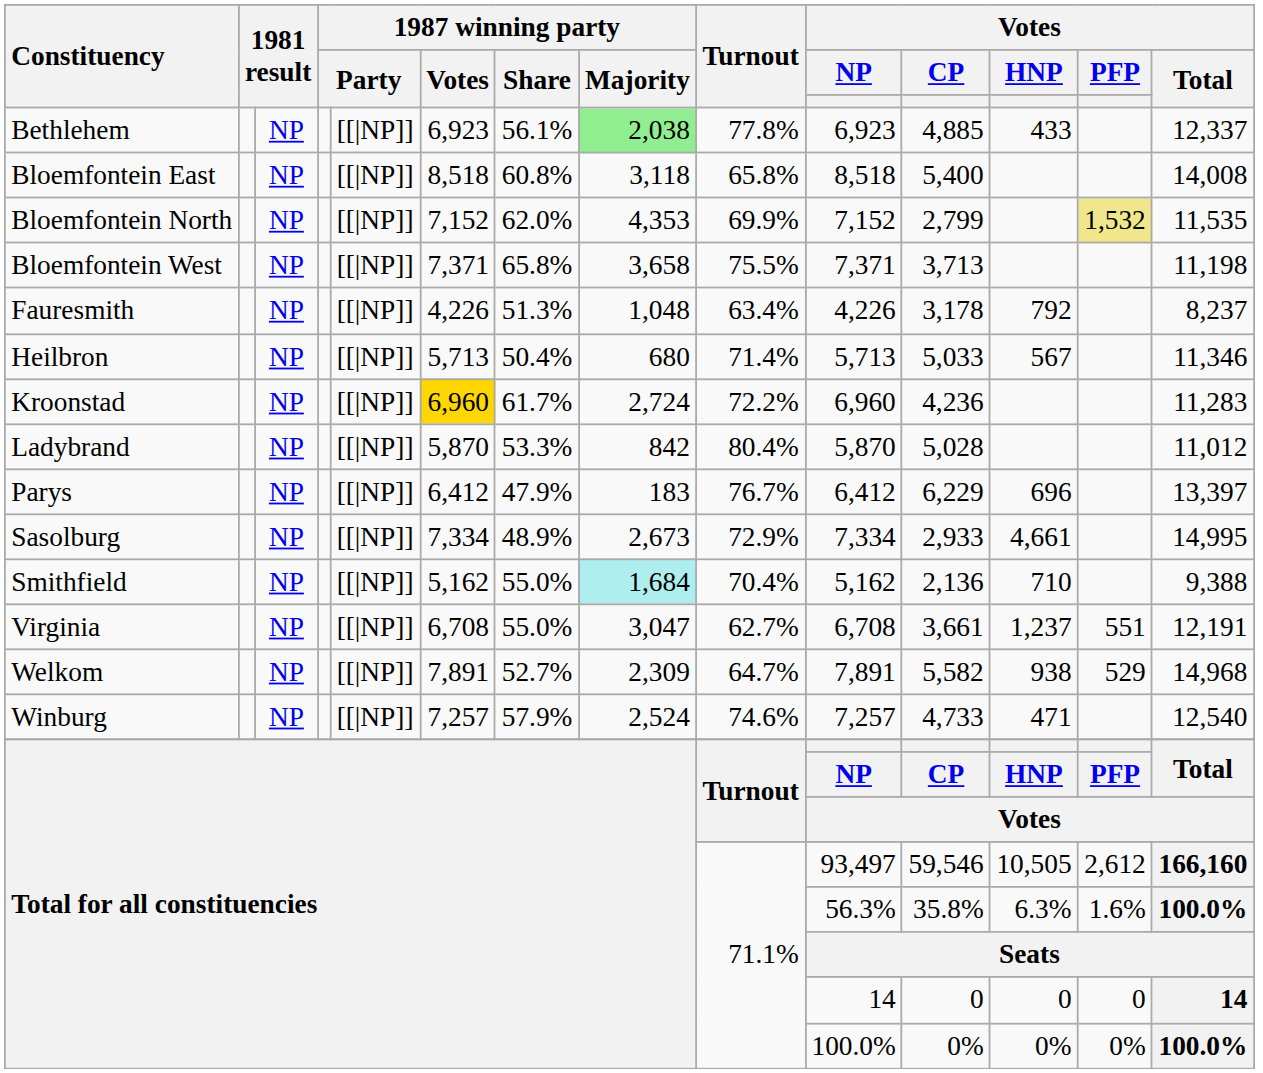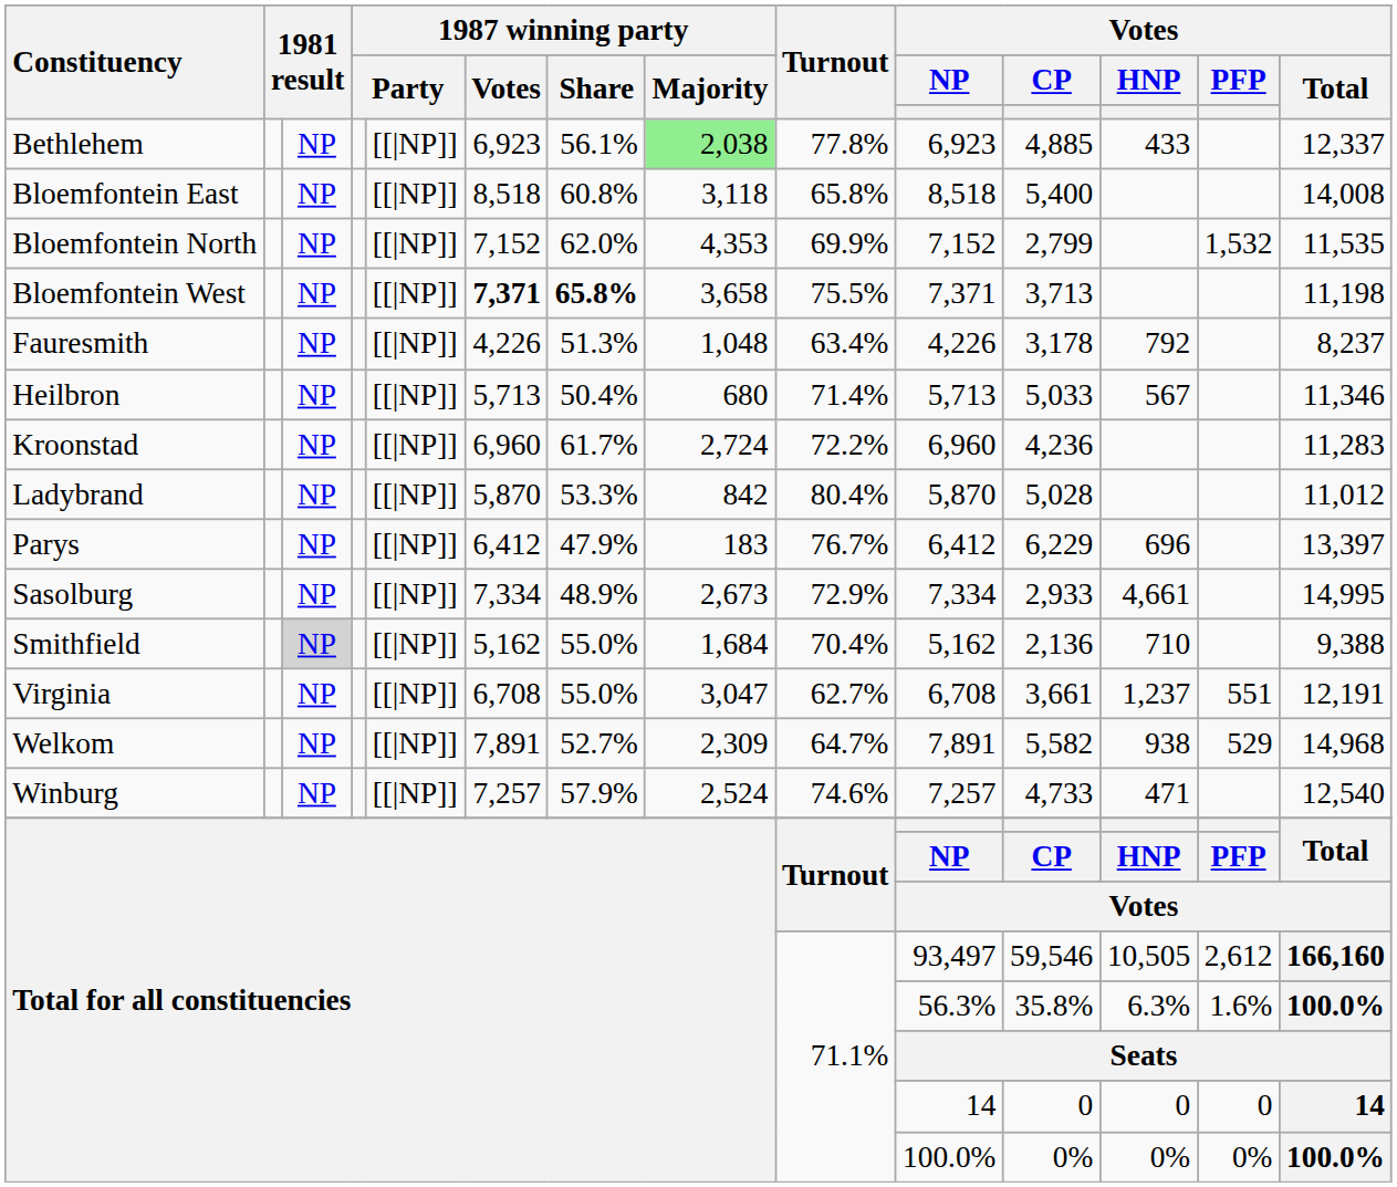 <table class="wikitable sortable" style="text-align:right; font-size:95%">
 <tr>
 <th rowspan="3" scope="col" style="text-align:left;">Constituency</th>
 <th colspan="2" rowspan="3" scope="col">1981<br>result</th>
 <th colspan="5">1987 winning party</th>
 <th rowspan="3" scope="col">Turnout</th>
 <th colspan="5" scope="col">Votes</th>
 </tr>
 <tr>
 <th colspan="2" rowspan="2">Party</th>
 <th rowspan="2" scope="col">Votes</th>
 <th rowspan="2" scope="col">Share</th>
 <th rowspan="2" scope="col">Majority</th>
 <th scope="col"><a href='#'>NP</a></th>
 <th scope="col"><a href='#'>CP</a></th>
 <th scope="col"><a href='#'>HNP</a></th>
 <th scope="col"><a href='#'>PFP</a></th>
 <th rowspan="2" scope="col">Total</th>
 </tr>
 <tr>
 <th scope="col" style="background:"></th>
 <th scope="col" style="background:"></th>
 <th scope="col" style="background:"></th>
 <th scope="col" style="background:"></th>
 </tr>
 <tr>
 <td style="text-align:left;">Bethlehem</td>
 <td style="background:"></td>
 <td style="text-align:center;"><a href='#'>NP</a></td>
 <td style="background:"></td>
 <td style="text-align:center;">[[|NP]]</td>
 <td>6,923</td>
 <td>56.1%</td>
 <td style="background: lightgreen;">2,038</td>
 <td>77.8%</td>
 <td>6,923</td>
 <td>4,885</td>
 <td>433</td>
 <td></td>
 <td>12,337</td>
 </tr>
 <tr>
 <td style="text-align:left;">Bloemfontein East</td>
 <td style="background:"></td>
 <td style="text-align:center;"><a href='#'>NP</a></td>
 <td style="background:"></td>
 <td style="text-align:center;">[[|NP]]</td>
 <td>8,518</td>
 <td>60.8%</td>
 <td>3,118</td>
 <td>65.8%</td>
 <td>8,518</td>
 <td>5,400</td>
 <td></td>
 <td></td>
 <td>14,008</td>
 </tr>
 <tr>
 <td style="text-align:left;">Bloemfontein North</td>
 <td style="background:"></td>
 <td style="text-align:center;"><a href='#'>NP</a></td>
 <td style="background:"></td>
 <td style="text-align:center;">[[|NP]]</td>
 <td>7,152</td>
 <td>62.0%</td>
 <td>4,353</td>
 <td>69.9%</td>
 <td>7,152</td>
 <td>2,799</td>
 <td></td>
-<td style="background: khaki;">1,532</td>
+<td>1,532</td>
 <td>11,535</td>
 </tr>
 <tr>
 <td style="text-align:left;">Bloemfontein West</td>
 <td style="background:"></td>
 <td style="text-align:center;"><a href='#'>NP</a></td>
 <td style="background:"></td>
 <td style="text-align:center;">[[|NP]]</td>
-<td>7,371</td>
-<td>65.8%</td>
+<td><strong>7,371</strong></td>
+<td><strong>65.8%</strong></td>
 <td>3,658</td>
 <td>75.5%</td>
 <td>7,371</td>
 <td>3,713</td>
 <td></td>
 <td></td>
 <td>11,198</td>
 </tr>
 <tr>
 <td style="text-align:left;">Fauresmith</td>
 <td style="background:"></td>
 <td style="text-align:center;"><a href='#'>NP</a></td>
 <td style="background:"></td>
 <td style="text-align:center;">[[|NP]]</td>
 <td>4,226</td>
 <td>51.3%</td>
 <td>1,048</td>
 <td>63.4%</td>
 <td>4,226</td>
 <td>3,178</td>
 <td>792</td>
 <td></td>
 <td>8,237</td>
 </tr>
 <tr>
 <td style="text-align:left;">Heilbron</td>
 <td style="background:"></td>
 <td style="text-align:center;"><a href='#'>NP</a></td>
 <td style="background:"></td>
 <td style="text-align:center;">[[|NP]]</td>
 <td>5,713</td>
 <td>50.4%</td>
 <td>680</td>
 <td>71.4%</td>
 <td>5,713</td>
 <td>5,033</td>
 <td>567</td>
 <td></td>
 <td>11,346</td>
 </tr>
 <tr>
 <td style="text-align:left;">Kroonstad</td>
 <td style="background:"></td>
 <td style="text-align:center;"><a href='#'>NP</a></td>
 <td style="background:"></td>
 <td style="text-align:center;">[[|NP]]</td>
-<td style="background: gold;">6,960</td>
+<td>6,960</td>
 <td>61.7%</td>
 <td>2,724</td>
 <td>72.2%</td>
 <td>6,960</td>
 <td>4,236</td>
 <td></td>
 <td></td>
 <td>11,283</td>
 </tr>
 <tr>
 <td style="text-align:left;">Ladybrand</td>
 <td style="background:"></td>
 <td style="text-align:center;"><a href='#'>NP</a></td>
 <td style="background:"></td>
 <td style="text-align:center;">[[|NP]]</td>
 <td>5,870</td>
 <td>53.3%</td>
 <td>842</td>
 <td>80.4%</td>
 <td>5,870</td>
 <td>5,028</td>
 <td></td>
 <td></td>
 <td>11,012</td>
 </tr>
 <tr>
 <td style="text-align:left;">Parys</td>
 <td style="background:"></td>
 <td style="text-align:center;"><a href='#'>NP</a></td>
 <td style="background:"></td>
 <td style="text-align:center;">[[|NP]]</td>
 <td>6,412</td>
 <td>47.9%</td>
 <td>183</td>
 <td>76.7%</td>
 <td>6,412</td>
 <td>6,229</td>
 <td>696</td>
 <td></td>
 <td>13,397</td>
 </tr>
 <tr>
 <td style="text-align:left;">Sasolburg</td>
 <td style="background:"></td>
 <td style="text-align:center;"><a href='#'>NP</a></td>
 <td style="background:"></td>
 <td style="text-align:center;">[[|NP]]</td>
 <td>7,334</td>
 <td>48.9%</td>
 <td>2,673</td>
 <td>72.9%</td>
 <td>7,334</td>
 <td>2,933</td>
 <td>4,661</td>
 <td></td>
 <td>14,995</td>
 </tr>
 <tr>
 <td style="text-align:left;">Smithfield</td>
 <td style="background:"></td>
-<td style="text-align:center;"><a href='#'>NP</a></td>
+<td style="background: lightgrey; text-align:center;"><a href='#'>NP</a></td>
 <td style="background:"></td>
 <td style="text-align:center;">[[|NP]]</td>
 <td>5,162</td>
 <td>55.0%</td>
-<td style="background: paleturquoise;">1,684</td>
+<td>1,684</td>
 <td>70.4%</td>
 <td>5,162</td>
 <td>2,136</td>
 <td>710</td>
 <td></td>
 <td>9,388</td>
 </tr>
 <tr>
 <td style="text-align:left;">Virginia</td>
 <td style="background:"></td>
 <td style="text-align:center;"><a href='#'>NP</a></td>
 <td style="background:"></td>
 <td style="text-align:center;">[[|NP]]</td>
 <td>6,708</td>
 <td>55.0%</td>
 <td>3,047</td>
 <td>62.7%</td>
 <td>6,708</td>
 <td>3,661</td>
 <td>1,237</td>
 <td>551</td>
 <td>12,191</td>
 </tr>
 <tr>
 <td style="text-align:left;">Welkom</td>
 <td style="background:"></td>
 <td style="text-align:center;"><a href='#'>NP</a></td>
 <td style="background:"></td>
 <td style="text-align:center;">[[|NP]]</td>
 <td>7,891</td>
 <td>52.7%</td>
 <td>2,309</td>
 <td>64.7%</td>
 <td>7,891</td>
 <td>5,582</td>
 <td>938</td>
 <td>529</td>
 <td>14,968</td>
 </tr>
 <tr>
 <td style="text-align:left;">Winburg</td>
 <td style="background:"></td>
 <td style="text-align:center;"><a href='#'>NP</a></td>
 <td style="background:"></td>
 <td style="text-align:center;">[[|NP]]</td>
 <td>7,257</td>
 <td>57.9%</td>
 <td>2,524</td>
 <td>74.6%</td>
 <td>7,257</td>
 <td>4,733</td>
 <td>471</td>
 <td></td>
 <td>12,540</td>
 </tr>
 <tr>
 </tr>
 <tr class="sortbottom">
 <th colspan="8" rowspan="8" scope="col" style="text-align:left;">Total for all constituencies</th>
 <th rowspan="3" scope="col">Turnout</th>
 <th scope="col" style="background:"></th>
 <th scope="col" style="background:"></th>
 <th scope="col" style="background:"></th>
 <th scope="col" style="background:"></th>
 <th rowspan="2" scope="col">Total</th>
 </tr>
 <tr class="sortbottom">
 <th scope="col"><a href='#'>NP</a></th>
 <th scope="col"><a href='#'>CP</a></th>
 <th scope="col"><a href='#'>HNP</a></th>
 <th scope="col"><a href='#'>PFP</a></th>
 </tr>
 <tr class="sortbottom">
 <th colspan="5" scope="col">Votes</th>
 </tr>
 <tr class="sortbottom">
 <td rowspan="5" style="text-align:right;">71.1%</td>
 <td>93,497</td>
 <td>59,546</td>
 <td>10,505</td>
 <td>2,612</td>
 <th scope="col" style="text-align:right;">166,160</th>
 </tr>
 <tr class="sortbottom">
 <td>56.3%</td>
 <td>35.8%</td>
 <td>6.3%</td>
 <td>1.6%</td>
 <th scope="col" style="text-align:right;">100.0%</th>
 </tr>
 <tr class="sortbottom">
 <th colspan="5">Seats</th>
 </tr>
 <tr class="sortbottom">
 <td>14</td>
 <td>0</td>
 <td>0</td>
 <td>0</td>
 <th scope="col" style="text-align:right;">14</th>
 </tr>
 <tr class="sortbottom">
 <td>100.0%</td>
 <td>0%</td>
 <td>0%</td>
 <td>0%</td>
 <th scope="col" style="text-align:right;">100.0%</th>
 </tr>
 </table>
